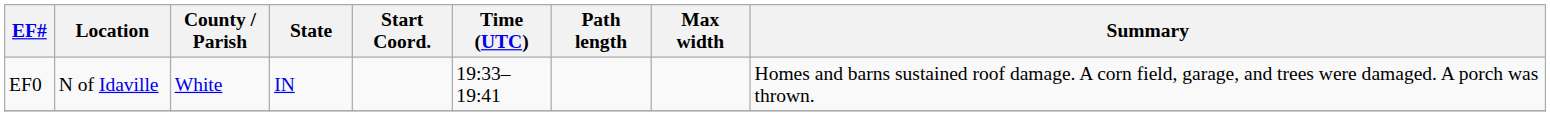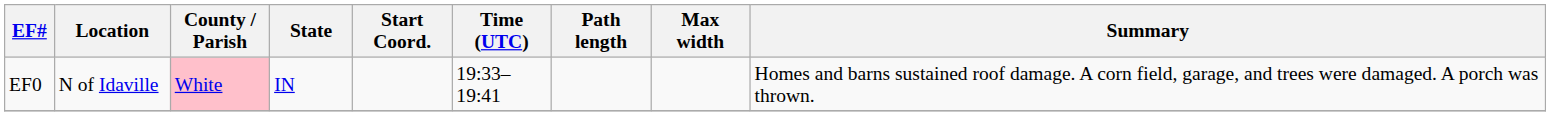 <table class="wikitable sortable" style="width:100%;">
 <tr>
 <th scope="col"  style="width:3%; text-align:center;"><a href='#'>EF#</a></th>
 <th scope="col"  style="width:7%; text-align:center;" class="unsortable">Location</th>
 <th scope="col"  style="width:6%; text-align:center;" class="unsortable">County / Parish</th>
 <th scope="col"  style="width:5%; text-align:center;">State</th>
 <th scope="col"  style="width:6%; text-align:center;">Start Coord.</th>
 <th scope="col"  style="width:6%; text-align:center;">Time (<a href='#'>UTC</a>)</th>
 <th scope="col"  style="width:6%; text-align:center;">Path length</th>
 <th scope="col"  style="width:6%; text-align:center;">Max width</th>
 <th scope="col" class="unsortable" style="width:48%; text-align:center;">Summary</th>
 </tr>
 <tr>
 <td>EF0</td>
 <td>N of <a href='#'>Idaville</a></td>
-<td><a href='#'>White</a></td>
+<td style="background: pink;"><a href='#'>White</a></td>
 <td><a href='#'>IN</a></td>
 <td></td>
 <td>19:33–19:41</td>
 <td></td>
 <td></td>
 <td>Homes and barns sustained roof damage. A corn field, garage, and trees were damaged. A porch was thrown.</td>
 </tr>
 <tr>
 </tr>
 </table>
